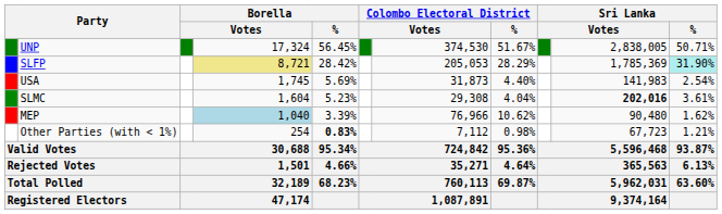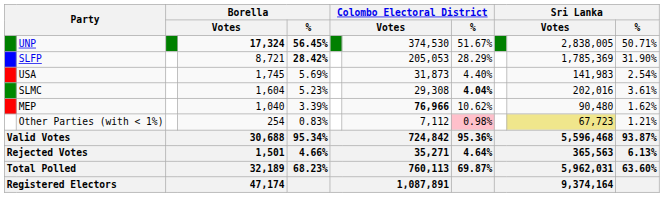 <table class="wikitable">
 <tr>
 <th colspan="2" width="144px"rowspan="2">Party</th>
 <th colspan="3" width="216px">Borella</th>
 <th colspan="3" width="216px"><a href='#'>Colombo Electoral District</a></th>
 <th colspan="3" width="216px">Sri Lanka</th>
 </tr>
 <tr>
 <th colspan="2" width="144px">Votes</th>
 <th>%</th>
 <th colspan="2" width="144px">Votes</th>
 <th>%</th>
 <th colspan="2" width="144px">Votes</th>
 <th>%</th>
 </tr>
 <tr>
 <td style="background-color:green;" width="10px"></td>
 <td style="text-align:left;"><a href='#'>UNP</a></td>
 <td style="background-color:green;" width="10px"></td>
-<td style="text-align:right;">17,324</td>
-<td style="text-align:right;">56.45%</td>
+<td style="text-align:right;"><strong>17,324</strong></td>
+<td style="text-align:right;"><strong>56.45%</strong></td>
 <td style="background-color:green;" width="10px"></td>
 <td style="text-align:right;">374,530</td>
 <td style="text-align:right;">51.67%</td>
 <td style="background-color:green;" width="10px"></td>
 <td style="text-align:right;">2,838,005</td>
 <td style="text-align:right;">50.71%</td>
 </tr>
 <tr>
 <td style="background-color:blue;" width="10px"></td>
 <td style="text-align:left;"><a href='#'>SLFP</a></td>
 <td style="background-color:white;" width="10px"></td>
-<td style="background: khaki; text-align:right;">8,721</td>
-<td style="text-align:right;">28.42%</td>
+<td style="text-align:right;">8,721</td>
+<td style="text-align:right;"><strong>28.42%</strong></td>
 <td style="background-color:white;" width="10px"></td>
 <td style="text-align:right;">205,053</td>
 <td style="text-align:right;">28.29%</td>
 <td style="background-color:white;" width="10px"></td>
 <td style="text-align:right;">1,785,369</td>
-<td style="background: paleturquoise; text-align:right;">31.90%</td>
+<td style="text-align:right;">31.90%</td>
 </tr>
 <tr>
 <td style="background-color:red;" width="10px"></td>
 <td style="text-align:left;">USA</td>
 <td style="background-color:white;" width="10px"></td>
 <td style="text-align:right;">1,745</td>
 <td style="text-align:right;">5.69%</td>
 <td style="background-color:white;" width="10px"></td>
 <td style="text-align:right;">31,873</td>
 <td style="text-align:right;">4.40%</td>
 <td style="background-color:white;" width="10px"></td>
 <td style="text-align:right;">141,983</td>
 <td style="text-align:right;">2.54%</td>
 </tr>
 <tr>
 <td style="background-color:#008800;" width="10px"></td>
 <td style="text-align:left;">SLMC</td>
 <td style="background-color:white;" width="10px"></td>
 <td style="text-align:right;">1,604</td>
 <td style="text-align:right;">5.23%</td>
 <td style="background-color:white;" width="10px"></td>
 <td style="text-align:right;">29,308</td>
-<td style="text-align:right;">4.04%</td>
+<td style="text-align:right;"><strong>4.04%</strong></td>
 <td style="background-color:white;" width="10px"></td>
-<td style="text-align:right;"><strong>202,016</strong></td>
+<td style="text-align:right;">202,016</td>
 <td style="text-align:right;">3.61%</td>
 </tr>
 <tr>
 <td style="background-color:red;" width="10px"></td>
 <td style="text-align:left;">MEP</td>
 <td style="background-color:white;" width="10px"></td>
-<td style="background: lightblue; text-align:right;">1,040</td>
+<td style="text-align:right;">1,040</td>
 <td style="text-align:right;">3.39%</td>
 <td style="background-color:white;" width="10px"></td>
-<td style="text-align:right;">76,966</td>
+<td style="text-align:right;"><strong>76,966</strong></td>
 <td style="text-align:right;">10.62%</td>
 <td style="background-color:white;" width="10px"></td>
 <td style="text-align:right;">90,480</td>
 <td style="text-align:right;">1.62%</td>
 </tr>
 <tr>
 <td style="background-color:white;" width="10px"></td>
 <td style="text-align:left;">Other Parties (with < 1%)</td>
 <td style="background-color:white;" width="10px"></td>
 <td style="text-align:right;">254</td>
-<td style="text-align:right;"><strong>0.83%</strong></td>
+<td style="text-align:right;">0.83%</td>
 <td style="background-color:white;" width="10px"></td>
 <td style="text-align:right;">7,112</td>
-<td style="text-align:right;">0.98%</td>
+<td style="background: pink; text-align:right;">0.98%</td>
 <td style="background-color:white;" width="10px"></td>
-<td style="text-align:right;">67,723</td>
+<td style="background: khaki; text-align:right;">67,723</td>
 <td style="text-align:right;">1.21%</td>
 </tr>
 <tr>
 <th colspan="2" width="144px"style="text-align:left;">Valid Votes</th>
 <th style="text-align:right;"colspan="2" width="144px">30,688</th>
 <th style="text-align:right;">95.34%</th>
 <th style="text-align:right;"colspan="2" width="144px">724,842</th>
 <th style="text-align:right;">95.36%</th>
 <th style="text-align:right;"colspan="2" width="144px">5,596,468</th>
 <th style="text-align:right;">93.87%</th>
 </tr>
 <tr>
 <th colspan="2" width="144px"style="text-align:left;">Rejected Votes</th>
 <th style="text-align:right;"colspan="2" width="144px">1,501</th>
 <th style="text-align:right;">4.66%</th>
 <th style="text-align:right;"colspan="2" width="144px">35,271</th>
 <th style="text-align:right;">4.64%</th>
 <th style="text-align:right;"colspan="2" width="144px">365,563</th>
 <th style="text-align:right;">6.13%</th>
 </tr>
 <tr>
 <th colspan="2" width="144px"style="text-align:left;">Total Polled</th>
 <th style="text-align:right;"colspan="2" width="144px">32,189</th>
 <th style="text-align:right;">68.23%</th>
 <th style="text-align:right;"colspan="2" width="144px">760,113</th>
 <th style="text-align:right;">69.87%</th>
 <th style="text-align:right;"colspan="2" width="144px">5,962,031</th>
 <th style="text-align:right;">63.60%</th>
 </tr>
 <tr>
 <th colspan="2" width="144px"style="text-align:left;">Registered Electors</th>
 <th style="text-align:right;"colspan="2" width="144px">47,174</th>
 <th></th>
 <th style="text-align:right;"colspan="2" width="144px">1,087,891</th>
 <th></th>
 <th style="text-align:right;"colspan="2" width="144px">9,374,164</th>
 <th></th>
 </tr>
 </table>
